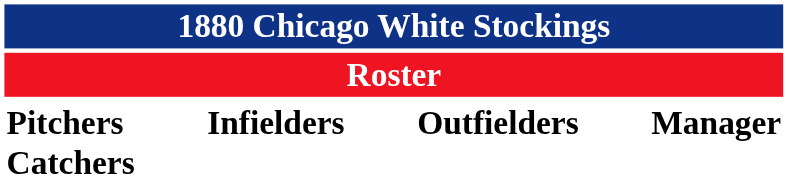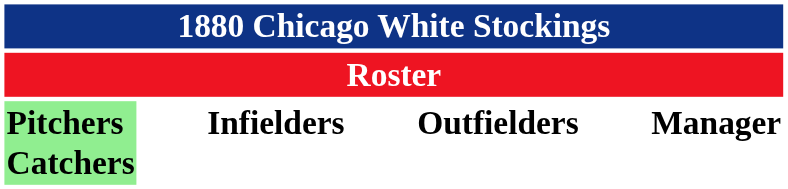 <table class="toccolours" style="font-size: 95%;">
 <tr>
 <th colspan="10" style="background-color: #0e3386; color: white; text-align: center;">1880 Chicago White Stockings</th>
 </tr>
 <tr>
 <td colspan="10" style="background-color: #EE1422; color: white; text-align: center;"><strong>Roster</strong></td>
 </tr>
 <tr>
-<td valign="top"><strong>Pitchers</strong><br>   <strong>Catchers</strong> </td>
+<td valign="top" style="background: lightgreen;"><strong>Pitchers</strong><br>   <strong>Catchers</strong> </td>
 <td width="25px"></td>
 <td valign="top"><strong>Infielders</strong><br>   </td>
 <td width="25px"></td>
 <td valign="top"><strong>Outfielders</strong><br>    </td>
 <td width="25px"></td>
 <td valign="top"><strong>Manager</strong><br></td>
 </tr>
 <tr>
 </tr>
 </table>
